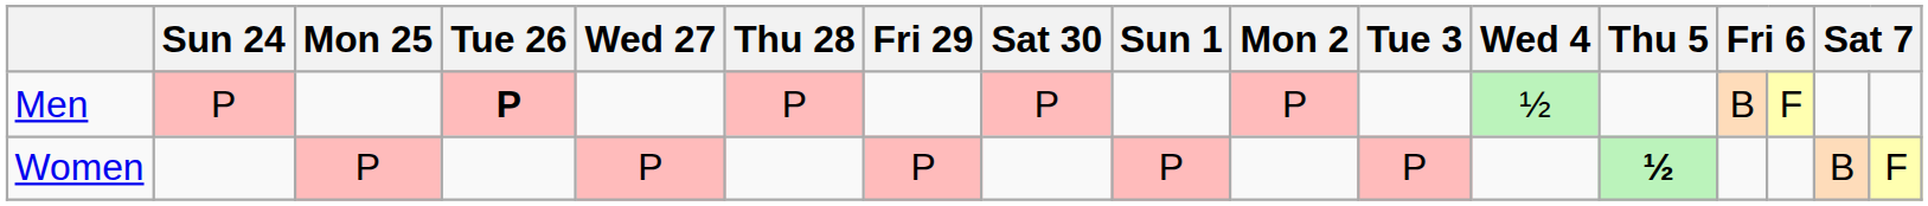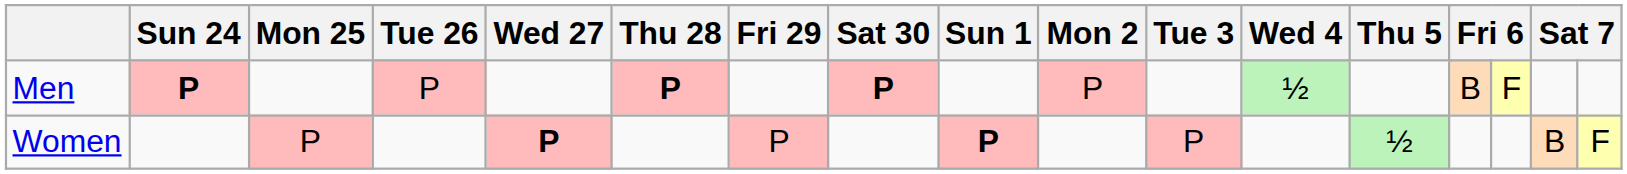 <table class="wikitable" style="margin:0.5em auto; font-size:90%; line-height:1.25em; text-align:center">
 <tr>
 <th></th>
 <th>Sun 24</th>
 <th>Mon 25</th>
 <th>Tue 26</th>
 <th>Wed 27</th>
 <th>Thu 28</th>
 <th>Fri 29</th>
 <th>Sat 30</th>
 <th>Sun 1</th>
 <th>Mon 2</th>
 <th>Tue 3</th>
 <th>Wed 4</th>
 <th colspan="2">Thu 5</th>
 <th colspan="2">Fri 6</th>
 <th colspan="2">Sat 7</th>
 </tr>
 <tr>
 <td align="left"><a href='#'>Men</a></td>
+<td bgcolor="#FFBBBB"><strong>P</strong></td>
+<td></td>
 <td bgcolor="#FFBBBB">P</td>
 <td></td>
 <td bgcolor="#FFBBBB"><strong>P</strong></td>
 <td></td>
-<td bgcolor="#FFBBBB">P</td>
-<td></td>
-<td bgcolor="#FFBBBB">P</td>
+<td bgcolor="#FFBBBB"><strong>P</strong></td>
 <td></td>
 <td bgcolor="#FFBBBB">P</td>
 <td></td>
 <td bgcolor="#BBF3BB">½</td>
 <td colspan="2"></td>
 <td bgcolor="#FEDCBA">B</td>
 <td bgcolor="#FFFFB">F</td>
 <td></td>
 </tr>
 <tr>
 <td align="left"><a href='#'>Women</a></td>
 <td></td>
 <td bgcolor="#FFBBBB">P</td>
 <td></td>
-<td bgcolor="#FFBBBB">P</td>
+<td bgcolor="#FFBBBB"><strong>P</strong></td>
 <td></td>
 <td bgcolor="#FFBBBB">P</td>
 <td></td>
-<td bgcolor="#FFBBBB">P</td>
+<td bgcolor="#FFBBBB"><strong>P</strong></td>
 <td></td>
 <td bgcolor="#FFBBBB">P</td>
 <td></td>
-<td bgcolor="#BBF3BB"><strong>½</strong></td>
+<td bgcolor="#BBF3BB">½</td>
 <td colspan="2"></td>
 <td></td>
 <td bgcolor="#FEDCBA">B</td>
 <td bgcolor="#FFFFB">F</td>
 </tr>
 </table>
